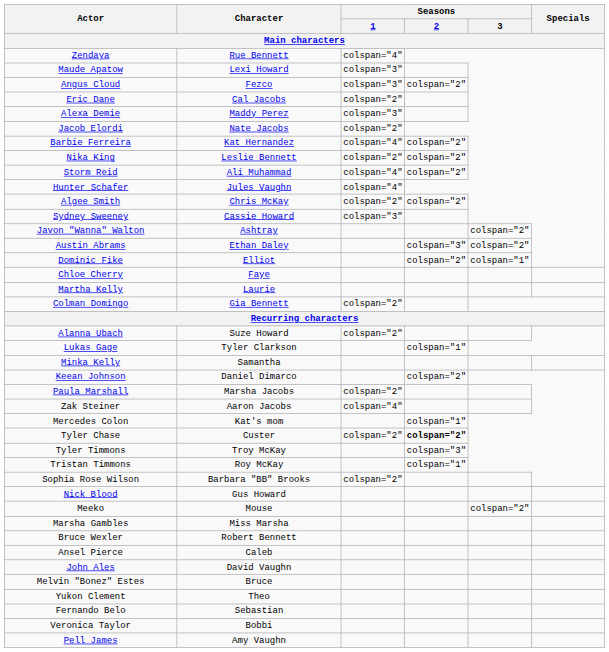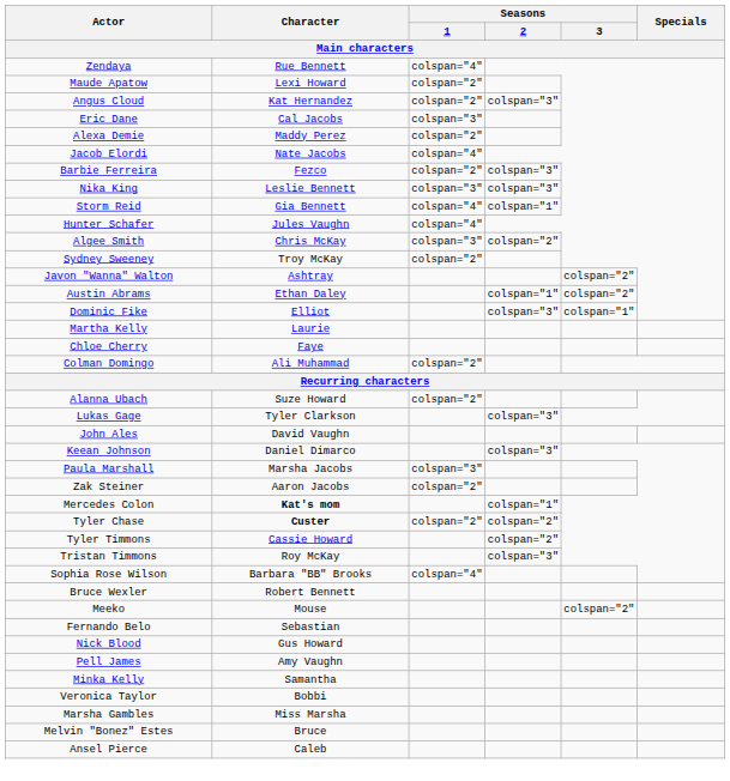 <table class="wikitable plainrowheaders" style="text-align:center">
 <tr>
 <th rowspan="2">Actor</th>
 <th rowspan="2">Character</th>
 <th colspan="3">Seasons</th>
 <th rowspan="2">Specials</th>
 </tr>
 <tr>
 <th scope="col" style="width:10%;"><a href='#'>1</a></th>
 <th scope="col" style="width:10%;"><a href='#'>2</a></th>
 <th scope="col" style="width:10%;">3</th>
 </tr>
 <tr>
 <th colspan="6"><a href='#'>Main characters</a></th>
 </tr>
 <tr>
 <td><a href='#'>Zendaya</a></td>
 <td><a href='#'>Rue Bennett</a></td>
 <td>colspan="4" </td>
 </tr>
 <tr>
 <td><a href='#'>Maude Apatow</a></td>
 <td><a href='#'>Lexi Howard</a></td>
-<td>colspan="3" </td>
+<td>colspan="2" </td>
 <td></td>
 </tr>
 <tr>
 <td><a href='#'>Angus Cloud</a></td>
-<td><a href='#'>Fezco</a></td>
+<td><a href='#'>Kat Hernandez</a></td>
+<td>colspan="2" </td>
 <td>colspan="3" </td>
-<td>colspan="2" </td>
 </tr>
 <tr>
 <td><a href='#'>Eric Dane</a></td>
 <td><a href='#'>Cal Jacobs</a></td>
-<td>colspan="2" </td>
+<td>colspan="3" </td>
 <td></td>
 </tr>
 <tr>
 <td><a href='#'>Alexa Demie</a></td>
 <td><a href='#'>Maddy Perez</a></td>
-<td>colspan="3" </td>
+<td>colspan="2" </td>
 <td></td>
 </tr>
 <tr>
 <td><a href='#'>Jacob Elordi</a></td>
 <td><a href='#'>Nate Jacobs</a></td>
-<td>colspan="2" </td>
+<td>colspan="4" </td>
 </tr>
 <tr>
 <td><a href='#'>Barbie Ferreira</a></td>
-<td><a href='#'>Kat Hernandez</a></td>
-<td>colspan="4" </td>
+<td><a href='#'>Fezco</a></td>
 <td>colspan="2" </td>
+<td>colspan="3" </td>
 </tr>
 <tr>
 <td><a href='#'>Nika King</a></td>
 <td><a href='#'>Leslie Bennett</a></td>
-<td>colspan="2" </td>
-<td>colspan="2" </td>
+<td>colspan="3" </td>
+<td>colspan="3" </td>
 </tr>
 <tr>
 <td><a href='#'>Storm Reid</a></td>
-<td><a href='#'>Ali Muhammad</a></td>
+<td><a href='#'>Gia Bennett</a></td>
 <td>colspan="4" </td>
-<td>colspan="2" </td>
+<td>colspan="1"</td>
 </tr>
 <tr>
 <td><a href='#'>Hunter Schafer</a></td>
 <td><a href='#'>Jules Vaughn</a></td>
 <td>colspan="4" </td>
 </tr>
 <tr>
 <td><a href='#'>Algee Smith</a></td>
 <td><a href='#'>Chris McKay</a></td>
-<td>colspan="2" </td>
+<td>colspan="3" </td>
 <td>colspan="2" </td>
 </tr>
 <tr>
 <td><a href='#'>Sydney Sweeney</a></td>
-<td><a href='#'>Cassie Howard</a></td>
-<td>colspan="3" </td>
+<td>Troy McKay</td>
+<td>colspan="2" </td>
 <td></td>
 </tr>
 <tr>
 <td><a href='#'>Javon "Wanna" Walton</a></td>
 <td><a href='#'>Ashtray</a></td>
 <td></td>
 <td></td>
 <td>colspan="2" </td>
 </tr>
 <tr>
 <td><a href='#'>Austin Abrams</a></td>
 <td><a href='#'>Ethan Daley</a></td>
 <td></td>
-<td>colspan="3" </td>
+<td>colspan="1"</td>
 <td>colspan="2" </td>
 </tr>
 <tr>
 <td><a href='#'>Dominic Fike</a></td>
 <td><a href='#'>Elliot</a></td>
 <td></td>
-<td>colspan="2" </td>
+<td>colspan="3" </td>
 <td>colspan="1" </td>
+</tr>
+<tr>
+<td><a href='#'>Martha Kelly</a></td>
+<td><a href='#'>Laurie</a></td>
+<td></td>
+<td></td>
+<td></td>
+<td></td>
 </tr>
 <tr>
 <td><a href='#'>Chloe Cherry</a></td>
 <td><a href='#'>Faye</a></td>
 <td></td>
 <td></td>
 <td></td>
 <td></td>
 </tr>
 <tr>
-<td><a href='#'>Martha Kelly</a></td>
-<td><a href='#'>Laurie</a></td>
-<td></td>
-<td></td>
-<td></td>
-<td></td>
-</tr>
-<tr>
 <td><a href='#'>Colman Domingo</a></td>
-<td><a href='#'>Gia Bennett</a></td>
+<td><a href='#'>Ali Muhammad</a></td>
 <td>colspan="2" </td>
 <td></td>
 </tr>
 <tr>
 <th colspan="6"><a href='#'>Recurring characters</a></th>
 </tr>
 <tr>
 <td><a href='#'>Alanna Ubach</a></td>
 <td>Suze Howard</td>
 <td>colspan="2" </td>
 <td></td>
 <td></td>
 </tr>
 <tr>
 <td><a href='#'>Lukas Gage</a></td>
 <td>Tyler Clarkson</td>
 <td></td>
-<td>colspan="1"</td>
+<td>colspan="3" </td>
 </tr>
 <tr>
-<td><a href='#'>Minka Kelly</a></td>
-<td>Samantha</td>
+<td><a href='#'>John Ales</a></td>
+<td>David Vaughn</td>
 <td></td>
 <td></td>
 <td></td>
 <td></td>
 </tr>
 <tr>
 <td><a href='#'>Keean Johnson</a></td>
 <td>Daniel Dimarco</td>
 <td></td>
-<td>colspan="2" </td>
+<td>colspan="3" </td>
 </tr>
 <tr>
 <td><a href='#'>Paula Marshall</a></td>
 <td>Marsha Jacobs</td>
-<td>colspan="2" </td>
+<td>colspan="3" </td>
 <td></td>
 <td></td>
 </tr>
 <tr>
 <td>Zak Steiner</td>
 <td>Aaron Jacobs</td>
+<td>colspan="2" </td>
+<td></td>
+<td></td>
+</tr>
+<tr>
+<td>Mercedes Colon</td>
+<td><strong>Kat's mom</strong></td>
+<td></td>
+<td>colspan="1"</td>
+</tr>
+<tr>
+<td>Tyler Chase</td>
+<td><strong>Custer</strong></td>
+<td>colspan="2" </td>
+<td>colspan="2" </td>
+</tr>
+<tr>
+<td>Tyler Timmons</td>
+<td><a href='#'>Cassie Howard</a></td>
+<td></td>
+<td>colspan="2" </td>
+</tr>
+<tr>
+<td>Tristan Timmons</td>
+<td>Roy McKay</td>
+<td></td>
+<td>colspan="3" </td>
+</tr>
+<tr>
+<td>Sophia Rose Wilson</td>
+<td>Barbara "BB" Brooks</td>
 <td>colspan="4" </td>
 <td></td>
 <td></td>
 </tr>
 <tr>
-<td>Mercedes Colon</td>
-<td>Kat's mom</td>
-<td></td>
-<td>colspan="1"</td>
-</tr>
-<tr>
-<td>Tyler Chase</td>
-<td>Custer</td>
-<td>colspan="2" </td>
-<td><strong>colspan="2" </strong></td>
-</tr>
-<tr>
-<td>Tyler Timmons</td>
-<td>Troy McKay</td>
-<td></td>
-<td>colspan="3" </td>
-</tr>
-<tr>
-<td>Tristan Timmons</td>
-<td>Roy McKay</td>
-<td></td>
-<td>colspan="1"</td>
-</tr>
-<tr>
-<td>Sophia Rose Wilson</td>
-<td>Barbara "BB" Brooks</td>
-<td>colspan="2" </td>
-<td></td>
-<td></td>
-</tr>
-<tr>
-<td><a href='#'>Nick Blood</a></td>
-<td>Gus Howard</td>
+<td>Bruce Wexler</td>
+<td>Robert Bennett</td>
 <td></td>
 <td></td>
 <td></td>
 <td></td>
 </tr>
 <tr>
 <td>Meeko</td>
 <td>Mouse</td>
 <td></td>
 <td></td>
 <td>colspan="2" </td>
 </tr>
 <tr>
-<td>Marsha Gambles</td>
-<td>Miss Marsha</td>
+<td>Fernando Belo</td>
+<td>Sebastian</td>
 <td></td>
 <td></td>
 <td></td>
 <td></td>
 </tr>
 <tr>
-<td>Bruce Wexler</td>
-<td>Robert Bennett</td>
+<td><a href='#'>Nick Blood</a></td>
+<td>Gus Howard</td>
 <td></td>
 <td></td>
 <td></td>
 <td></td>
 </tr>
 <tr>
-<td>Ansel Pierce</td>
-<td>Caleb</td>
+<td><a href='#'>Pell James</a></td>
+<td>Amy Vaughn</td>
 <td></td>
 <td></td>
 <td></td>
 <td></td>
 </tr>
 <tr>
-<td><a href='#'>John Ales</a></td>
-<td>David Vaughn</td>
+<td><a href='#'>Minka Kelly</a></td>
+<td>Samantha</td>
+<td></td>
+<td></td>
+<td></td>
+<td></td>
+</tr>
+<tr>
+<td>Veronica Taylor</td>
+<td>Bobbi</td>
+<td></td>
+<td></td>
+<td></td>
+<td></td>
+</tr>
+<tr>
+<td>Marsha Gambles</td>
+<td>Miss Marsha</td>
 <td></td>
 <td></td>
 <td></td>
 <td></td>
 </tr>
 <tr>
 <td>Melvin "Bonez" Estes</td>
 <td>Bruce</td>
 <td></td>
 <td></td>
 <td></td>
 <td></td>
 </tr>
 <tr>
-<td>Yukon Clement</td>
-<td>Theo</td>
-<td></td>
-<td></td>
-<td></td>
-<td></td>
-</tr>
-<tr>
-<td>Fernando Belo</td>
-<td>Sebastian</td>
-<td></td>
-<td></td>
-<td></td>
-<td></td>
-</tr>
-<tr>
-<td>Veronica Taylor</td>
-<td>Bobbi</td>
-<td></td>
-<td></td>
-<td></td>
-<td></td>
-</tr>
-<tr>
-<td><a href='#'>Pell James</a></td>
-<td>Amy Vaughn</td>
+<td>Ansel Pierce</td>
+<td>Caleb</td>
 <td></td>
 <td></td>
 <td></td>
 <td></td>
 </tr>
 </table>
